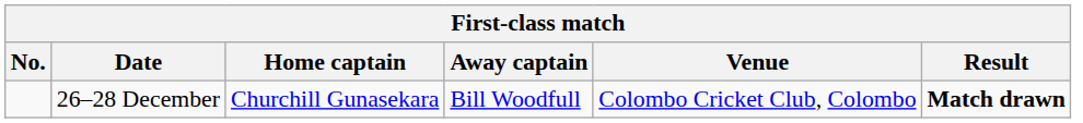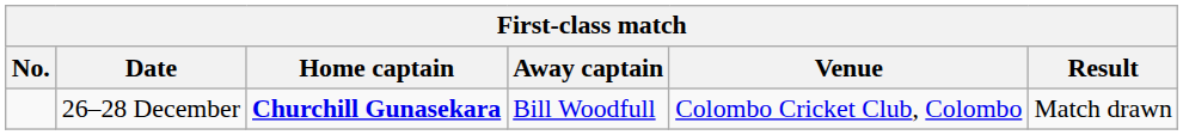 <table class="wikitable">
 <tr>
 <th colspan="9">First-class match</th>
 </tr>
 <tr>
 <th>No.</th>
 <th>Date</th>
 <th>Home captain</th>
 <th>Away captain</th>
 <th>Venue</th>
 <th>Result</th>
 </tr>
 <tr>
 <td></td>
 <td>26–28 December</td>
-<td><a href='#'>Churchill Gunasekara</a></td>
+<td><strong><a href='#'>Churchill Gunasekara</a></strong></td>
 <td><a href='#'>Bill Woodfull</a></td>
 <td><a href='#'>Colombo Cricket Club</a>, <a href='#'>Colombo</a></td>
-<td><strong>Match drawn</strong></td>
+<td>Match drawn</td>
 </tr>
 </table>
